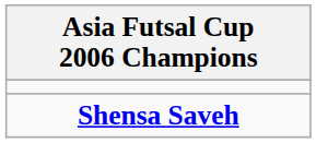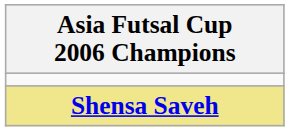 <table class="wikitable" style="text-align: center; margin: 0 auto; width: 20%">
 <tr>
 <th>Asia Futsal Cup <br>2006 Champions</th>
 </tr>
 <tr>
 <td></td>
 </tr>
 <tr>
-<td><strong><a href='#'>Shensa Saveh</a></strong></td>
+<td style="background: khaki;"><strong><a href='#'>Shensa Saveh</a></strong></td>
 </tr>
 </table>
